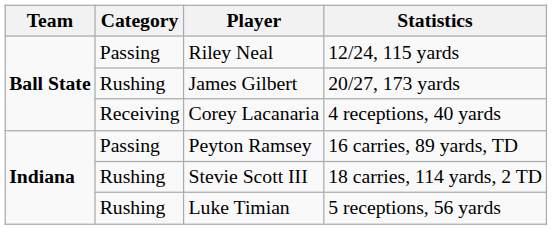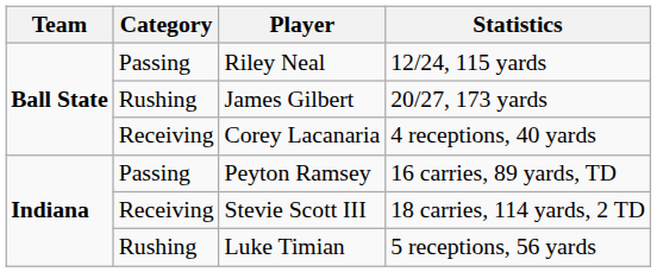 <table class="wikitable" style="float: right;">
 <tr>
 <th>Team</th>
 <th>Category</th>
 <th>Player</th>
 <th>Statistics</th>
 </tr>
 <tr>
 <td rowspan=3><strong>Ball State</strong></td>
 <td>Passing</td>
 <td>Riley Neal</td>
 <td>12/24, 115 yards</td>
 </tr>
 <tr>
 <td>Rushing</td>
 <td>James Gilbert</td>
 <td>20/27, 173 yards</td>
 </tr>
 <tr>
 <td>Receiving</td>
 <td>Corey Lacanaria</td>
 <td>4 receptions, 40 yards</td>
 </tr>
 <tr>
 <td rowspan=3><strong>Indiana</strong></td>
 <td>Passing</td>
 <td>Peyton Ramsey</td>
 <td>16 carries, 89 yards, TD</td>
 </tr>
 <tr>
-<td>Rushing</td>
+<td>Receiving</td>
 <td>Stevie Scott III</td>
 <td>18 carries, 114 yards, 2 TD</td>
 </tr>
 <tr>
 <td>Rushing</td>
 <td>Luke Timian</td>
 <td>5 receptions, 56 yards</td>
 </tr>
 </table>
